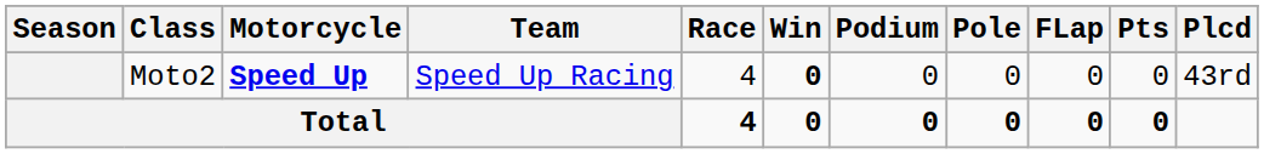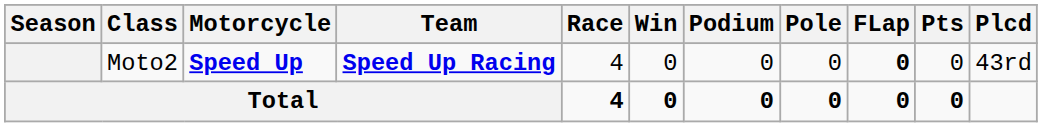 <table class="wikitable" style=text-align:right;">
 <tr>
 <th>Season</th>
 <th>Class</th>
 <th>Motorcycle</th>
 <th>Team</th>
 <th>Race</th>
 <th>Win</th>
 <th>Podium</th>
 <th>Pole</th>
 <th>FLap</th>
 <th>Pts</th>
 <th>Plcd</th>
 </tr>
 <tr>
 <th></th>
 <td>Moto2</td>
 <td style="text-align:left;"><strong><a href='#'>Speed Up</a></strong></td>
-<td style="text-align:left;"><a href='#'>Speed Up Racing</a></td>
+<td style="text-align:left;"><strong><a href='#'>Speed Up Racing</a></strong></td>
 <td>4</td>
-<td><strong>0</strong></td>
 <td>0</td>
 <td>0</td>
 <td>0</td>
+<td><strong>0</strong></td>
 <td>0</td>
 <td>43rd</td>
 </tr>
 <tr>
 <th colspan="4">Total</th>
 <td><strong>4</strong></td>
 <td><strong>0</strong></td>
 <td><strong>0</strong></td>
 <td><strong>0</strong></td>
 <td><strong>0</strong></td>
 <td><strong>0</strong></td>
 <td></td>
 </tr>
 </table>
